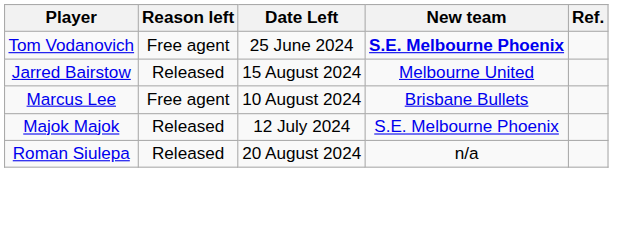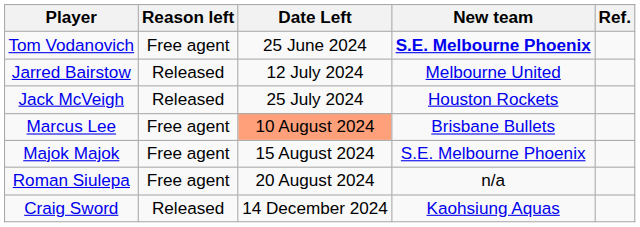 <table class="wikitable sortable sortable" style="text-align: center">
 <tr>
 <th>Player</th>
 <th>Reason left</th>
 <th>Date Left</th>
 <th>New team</th>
 <th>Ref.</th>
 </tr>
 <tr>
 <td><a href='#'>Tom Vodanovich</a></td>
 <td>Free agent</td>
 <td>25 June 2024</td>
 <td><strong><a href='#'>S.E. Melbourne Phoenix</a></strong></td>
 <td></td>
 </tr>
 <tr>
 <td><a href='#'>Jarred Bairstow</a></td>
 <td>Released</td>
-<td>15 August 2024</td>
+<td>12 July 2024</td>
 <td><a href='#'>Melbourne United</a></td>
+<td></td>
+</tr>
+<tr>
+<td><a href='#'>Jack McVeigh</a></td>
+<td>Released</td>
+<td>25 July 2024</td>
+<td><a href='#'>Houston Rockets</a></td>
 <td></td>
 </tr>
 <tr>
 <td><a href='#'>Marcus Lee</a></td>
 <td>Free agent</td>
-<td>10 August 2024</td>
+<td style="background: lightsalmon;">10 August 2024</td>
 <td><a href='#'>Brisbane Bullets</a></td>
 <td></td>
 </tr>
 <tr>
 <td><a href='#'>Majok Majok</a></td>
-<td>Released</td>
-<td>12 July 2024</td>
+<td>Free agent</td>
+<td>15 August 2024</td>
 <td><a href='#'>S.E. Melbourne Phoenix</a></td>
 <td></td>
 </tr>
 <tr>
 <td><a href='#'>Roman Siulepa</a></td>
-<td>Released</td>
+<td>Free agent</td>
 <td>20 August 2024</td>
 <td>n/a</td>
 <td></td>
 </tr>
+<tr>
+<td><a href='#'>Craig Sword</a></td>
+<td>Released</td>
+<td>14 December 2024</td>
+<td><a href='#'>Kaohsiung Aquas</a></td>
+<td></td>
+</tr>
 </table>
